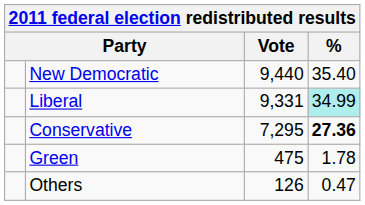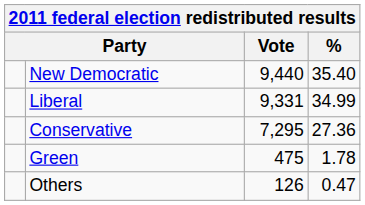 <table class="wikitable">
 <tr>
 <th colspan="4"><a href='#'>2011 federal election</a> redistributed results</th>
 </tr>
 <tr>
 <th bgcolor="#DDDDFF" width="130px" colspan="2">Party</th>
 <th bgcolor="#DDDDFF" width="50px">Vote</th>
 <th bgcolor="#DDDDFF" width="30px">%</th>
 </tr>
 <tr>
 <td> </td>
 <td><a href='#'>New Democratic</a></td>
 <td align=right>9,440</td>
 <td align=right>35.40</td>
 </tr>
 <tr>
 <td> </td>
 <td><a href='#'>Liberal</a></td>
 <td align=right>9,331</td>
-<td align=right style="background: paleturquoise;">34.99</td>
+<td align=right>34.99</td>
 </tr>
 <tr>
 <td> </td>
 <td><a href='#'>Conservative</a></td>
 <td align=right>7,295</td>
-<td align=right><strong>27.36</strong></td>
+<td align=right>27.36</td>
 </tr>
 <tr>
 <td> </td>
 <td><a href='#'>Green</a></td>
 <td align=right>475</td>
 <td align=right>1.78</td>
 </tr>
 <tr>
 <td> </td>
 <td>Others</td>
 <td align=right>126</td>
 <td align=right>0.47</td>
 </tr>
 </table>
